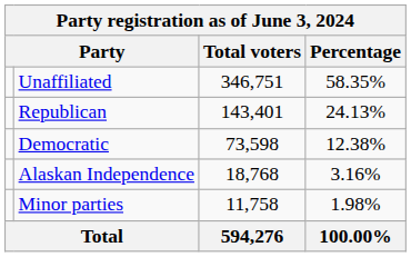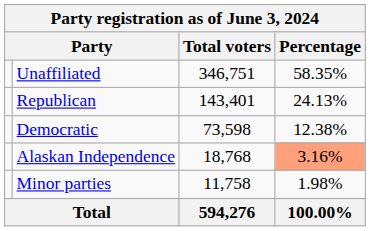 <table class=wikitable>
 <tr>
 <th colspan = 6>Party registration as of June 3, 2024</th>
 </tr>
 <tr>
 <th colspan = 2>Party</th>
 <th>Total voters</th>
 <th>Percentage</th>
 </tr>
 <tr>
 <td></td>
 <td><a href='#'>Unaffiliated</a></td>
 <td align=center>346,751</td>
 <td align=center>58.35%</td>
 </tr>
 <tr>
 <td></td>
 <td><a href='#'>Republican</a></td>
 <td align=center>143,401</td>
 <td align=center>24.13%</td>
 </tr>
 <tr>
 <td></td>
 <td><a href='#'>Democratic</a></td>
 <td align=center>73,598</td>
 <td align=center>12.38%</td>
 </tr>
 <tr>
 <td></td>
 <td><a href='#'>Alaskan Independence</a></td>
 <td align=center>18,768</td>
-<td align=center>3.16%</td>
+<td align=center style="background: lightsalmon;">3.16%</td>
 </tr>
 <tr>
 <td></td>
 <td><a href='#'>Minor parties</a></td>
 <td align=center>11,758</td>
 <td align=center>1.98%</td>
 </tr>
 <tr>
 <th colspan = 2>Total</th>
 <th align=center>594,276</th>
 <th align=center>100.00%</th>
 </tr>
 </table>
